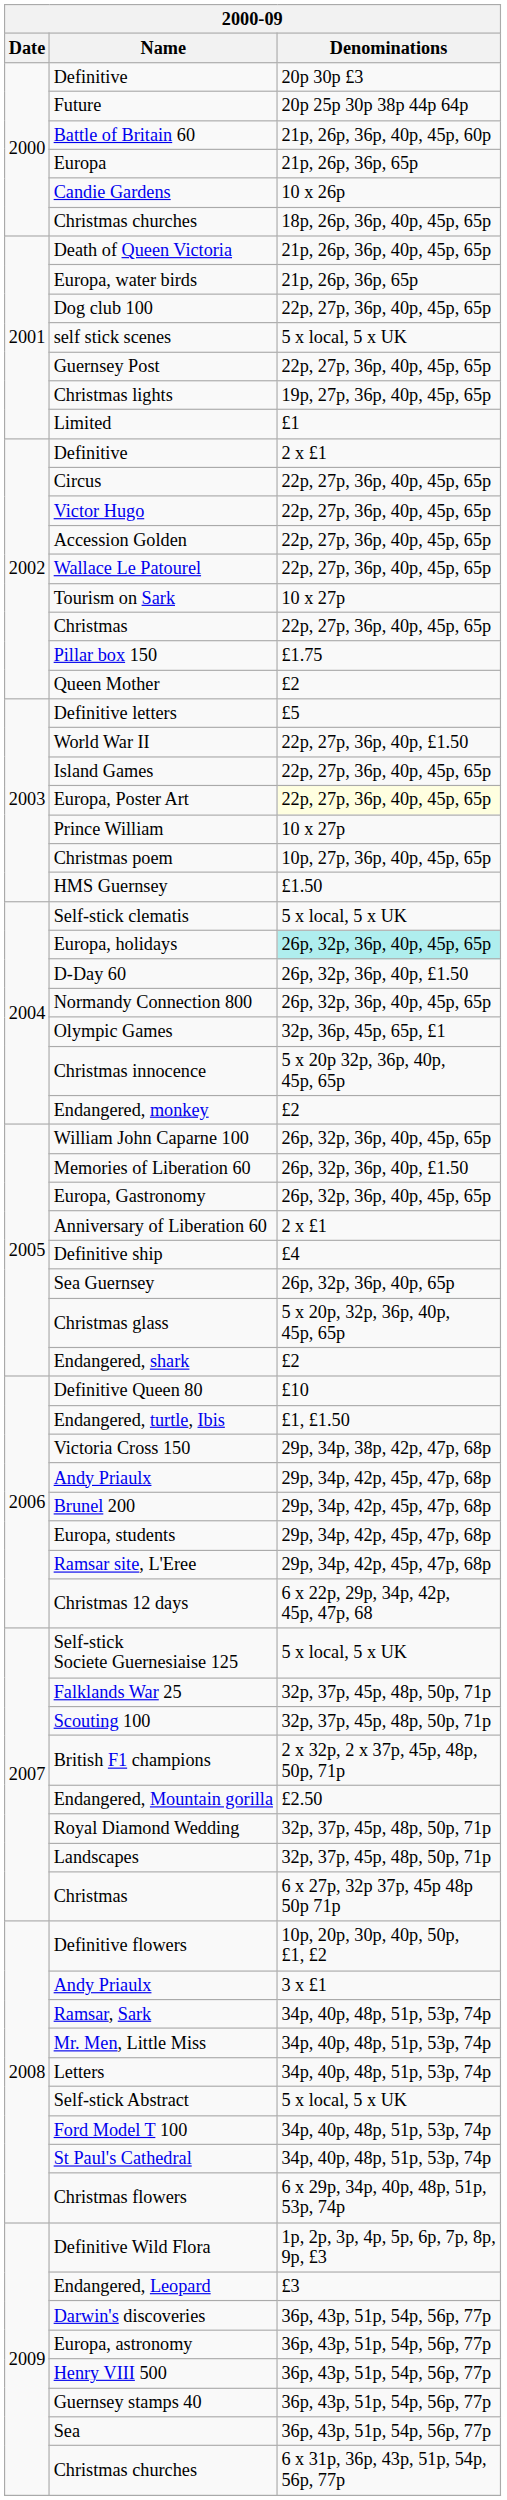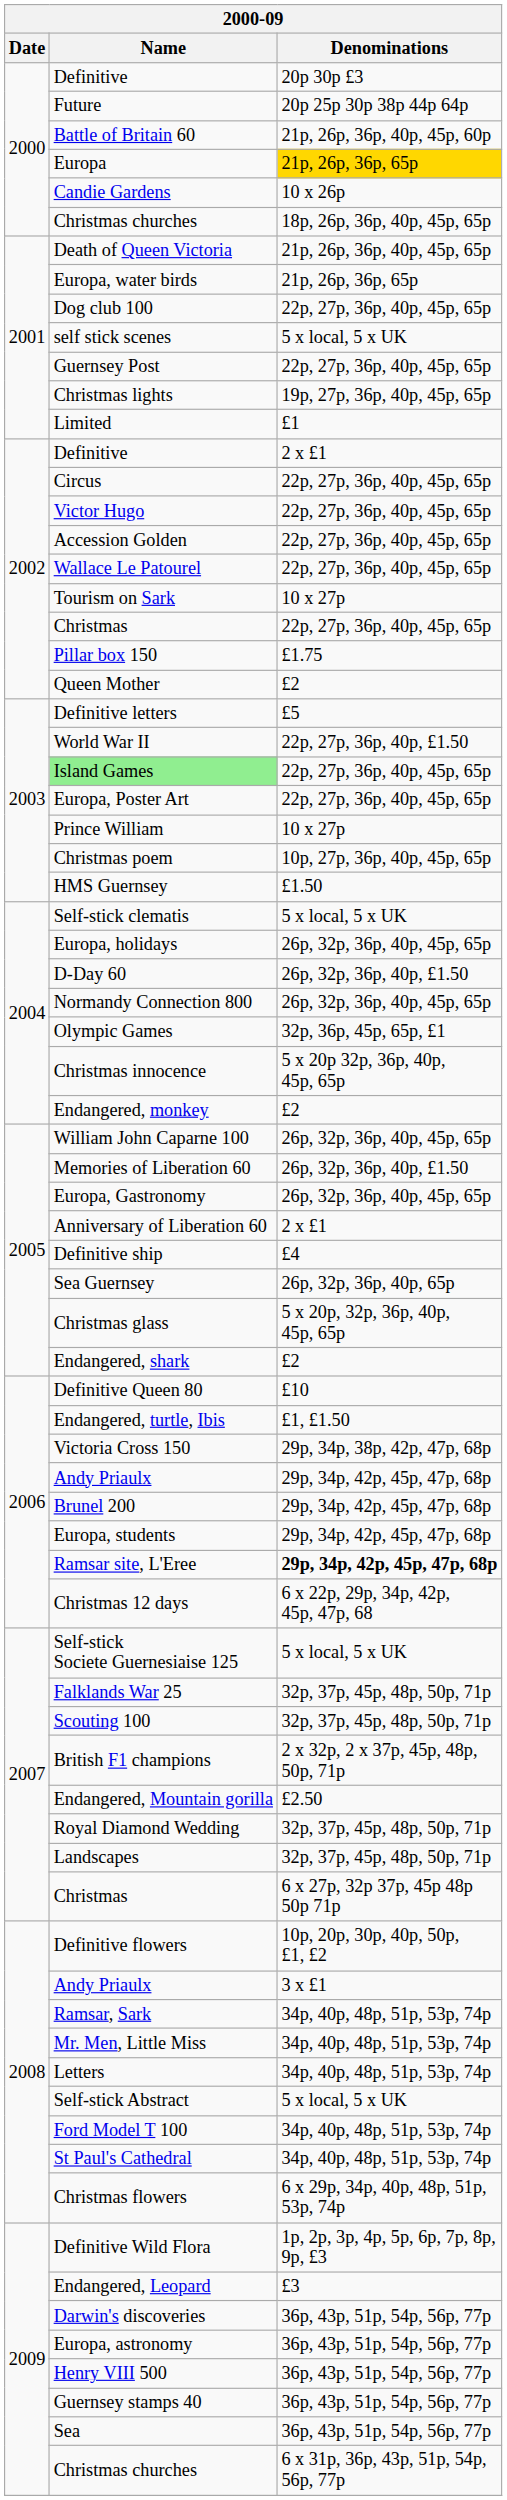 <table class="wikitable">
 <tr>
 <th colspan=3>2000-09</th>
 </tr>
 <tr>
 <th>Date</th>
 <th>Name</th>
 <th>Denominations</th>
 </tr>
 <tr>
 <td rowspan="6">2000</td>
 <td>Definitive</td>
 <td>20p 30p £3</td>
 </tr>
 <tr>
 <td>Future</td>
 <td>20p 25p 30p 38p 44p 64p</td>
 </tr>
 <tr>
 <td><a href='#'>Battle of Britain</a> 60</td>
 <td>21p, 26p, 36p, 40p, 45p, 60p</td>
 </tr>
 <tr>
 <td>Europa</td>
-<td>21p, 26p, 36p, 65p</td>
+<td style="background: gold;">21p, 26p, 36p, 65p</td>
 </tr>
 <tr>
 <td><a href='#'>Candie Gardens</a></td>
 <td>10 x 26p</td>
 </tr>
 <tr>
 <td>Christmas churches</td>
 <td>18p, 26p, 36p, 40p, 45p, 65p</td>
 </tr>
 <tr>
 <td rowspan="7">2001</td>
 <td>Death of <a href='#'>Queen Victoria</a></td>
 <td>21p, 26p, 36p, 40p, 45p, 65p</td>
 </tr>
 <tr>
 <td>Europa, water birds</td>
 <td>21p, 26p, 36p, 65p</td>
 </tr>
 <tr>
 <td>Dog club 100</td>
 <td>22p, 27p, 36p, 40p, 45p, 65p</td>
 </tr>
 <tr>
 <td>self stick scenes</td>
 <td>5 x local, 5 x UK</td>
 </tr>
 <tr>
 <td>Guernsey Post</td>
 <td>22p, 27p, 36p, 40p, 45p, 65p</td>
 </tr>
 <tr>
 <td>Christmas lights</td>
 <td>19p, 27p, 36p, 40p, 45p, 65p</td>
 </tr>
 <tr>
 <td>Limited</td>
 <td>£1</td>
 </tr>
 <tr>
 <td rowspan="9">2002</td>
 <td>Definitive</td>
 <td>2 x £1</td>
 </tr>
 <tr>
 <td>Circus</td>
 <td>22p, 27p, 36p, 40p, 45p, 65p</td>
 </tr>
 <tr>
 <td><a href='#'>Victor Hugo</a></td>
 <td>22p, 27p, 36p, 40p, 45p, 65p</td>
 </tr>
 <tr>
 <td>Accession Golden</td>
 <td>22p, 27p, 36p, 40p, 45p, 65p</td>
 </tr>
 <tr>
 <td><a href='#'>Wallace Le Patourel</a></td>
 <td>22p, 27p, 36p, 40p, 45p, 65p</td>
 </tr>
 <tr>
 <td>Tourism on <a href='#'>Sark</a></td>
 <td>10 x 27p</td>
 </tr>
 <tr>
 <td>Christmas</td>
 <td>22p, 27p, 36p, 40p, 45p, 65p</td>
 </tr>
 <tr>
 <td><a href='#'>Pillar box</a> 150</td>
 <td>£1.75</td>
 </tr>
 <tr>
 <td>Queen Mother</td>
 <td>£2</td>
 </tr>
 <tr>
 <td rowspan="7">2003</td>
 <td>Definitive letters</td>
 <td>£5</td>
 </tr>
 <tr>
 <td>World War II</td>
 <td>22p, 27p, 36p, 40p, £1.50</td>
 </tr>
 <tr>
-<td>Island Games</td>
+<td style="background: lightgreen;">Island Games</td>
 <td>22p, 27p, 36p, 40p, 45p, 65p</td>
 </tr>
 <tr>
 <td>Europa, Poster Art</td>
-<td style="background: lightyellow;">22p, 27p, 36p, 40p, 45p, 65p</td>
+<td>22p, 27p, 36p, 40p, 45p, 65p</td>
 </tr>
 <tr>
 <td>Prince William</td>
 <td>10 x 27p</td>
 </tr>
 <tr>
 <td>Christmas poem</td>
 <td>10p, 27p, 36p, 40p, 45p, 65p</td>
 </tr>
 <tr>
 <td>HMS Guernsey</td>
 <td>£1.50</td>
 </tr>
 <tr>
 <td rowspan="7">2004</td>
 <td>Self-stick clematis</td>
 <td>5 x local, 5 x UK</td>
 </tr>
 <tr>
 <td>Europa, holidays</td>
-<td style="background: paleturquoise;">26p, 32p, 36p, 40p, 45p, 65p</td>
+<td>26p, 32p, 36p, 40p, 45p, 65p</td>
 </tr>
 <tr>
 <td>D-Day 60</td>
 <td>26p, 32p, 36p, 40p, £1.50</td>
 </tr>
 <tr>
 <td>Normandy Connection 800</td>
 <td>26p, 32p, 36p, 40p, 45p, 65p</td>
 </tr>
 <tr>
 <td>Olympic Games</td>
 <td>32p, 36p, 45p, 65p, £1</td>
 </tr>
 <tr>
 <td>Christmas innocence</td>
 <td>5 x 20p 32p, 36p, 40p, <br>45p, 65p</td>
 </tr>
 <tr>
 <td>Endangered, <a href='#'>monkey</a></td>
 <td>£2</td>
 </tr>
 <tr>
 <td rowspan="8">2005</td>
 <td>William John Caparne 100</td>
 <td>26p, 32p, 36p, 40p, 45p, 65p</td>
 </tr>
 <tr>
 <td>Memories of Liberation 60</td>
 <td>26p, 32p, 36p, 40p, £1.50</td>
 </tr>
 <tr>
 <td>Europa, Gastronomy</td>
 <td>26p, 32p, 36p, 40p, 45p, 65p</td>
 </tr>
 <tr>
 <td>Anniversary of Liberation 60</td>
 <td>2 x £1</td>
 </tr>
 <tr>
 <td>Definitive ship</td>
 <td>£4</td>
 </tr>
 <tr>
 <td>Sea Guernsey</td>
 <td>26p, 32p, 36p, 40p, 65p</td>
 </tr>
 <tr>
 <td>Christmas glass</td>
 <td>5 x 20p, 32p, 36p, 40p, <br>45p, 65p</td>
 </tr>
 <tr>
 <td>Endangered, <a href='#'>shark</a></td>
 <td>£2</td>
 </tr>
 <tr>
 <td rowspan="8">2006</td>
 <td>Definitive Queen 80</td>
 <td>£10</td>
 </tr>
 <tr>
 <td>Endangered, <a href='#'>turtle</a>, <a href='#'>Ibis</a></td>
 <td>£1, £1.50</td>
 </tr>
 <tr>
 <td>Victoria Cross 150</td>
 <td>29p, 34p, 38p, 42p, 47p, 68p</td>
 </tr>
 <tr>
 <td><a href='#'>Andy Priaulx</a></td>
 <td>29p, 34p, 42p, 45p, 47p, 68p</td>
 </tr>
 <tr>
 <td><a href='#'>Brunel</a> 200</td>
 <td>29p, 34p, 42p, 45p, 47p, 68p</td>
 </tr>
 <tr>
 <td>Europa, students</td>
 <td>29p, 34p, 42p, 45p, 47p, 68p</td>
 </tr>
 <tr>
 <td><a href='#'>Ramsar site</a>, L'Eree</td>
-<td>29p, 34p, 42p, 45p, 47p, 68p</td>
+<td><strong>29p, 34p, 42p, 45p, 47p, 68p</strong></td>
 </tr>
 <tr>
 <td>Christmas 12 days</td>
 <td>6 x 22p, 29p, 34p, 42p, <br>45p, 47p, 68</td>
 </tr>
 <tr>
 <td rowspan="8">2007</td>
 <td>Self-stick <br>Societe Guernesiaise 125</td>
 <td>5 x local, 5 x UK</td>
 </tr>
 <tr>
 <td><a href='#'>Falklands War</a> 25</td>
 <td>32p, 37p, 45p, 48p, 50p, 71p</td>
 </tr>
 <tr>
 <td><a href='#'>Scouting</a> 100</td>
 <td>32p, 37p, 45p, 48p, 50p, 71p</td>
 </tr>
 <tr>
 <td>British <a href='#'>F1</a> champions</td>
 <td>2 x 32p, 2 x 37p, 45p, 48p, <br> 50p, 71p</td>
 </tr>
 <tr>
 <td>Endangered, <a href='#'>Mountain gorilla</a></td>
 <td>£2.50</td>
 </tr>
 <tr>
 <td>Royal Diamond Wedding</td>
 <td>32p, 37p, 45p, 48p, 50p, 71p</td>
 </tr>
 <tr>
 <td>Landscapes</td>
 <td>32p, 37p, 45p, 48p, 50p, 71p</td>
 </tr>
 <tr>
 <td>Christmas</td>
 <td>6 x 27p, 32p 37p, 45p 48p <br>50p 71p</td>
 </tr>
 <tr>
 <td rowspan="9">2008</td>
 <td>Definitive flowers</td>
 <td>10p, 20p, 30p, 40p, 50p, <br>£1, £2</td>
 </tr>
 <tr>
 <td><a href='#'>Andy Priaulx</a></td>
 <td>3 x £1</td>
 </tr>
 <tr>
 <td><a href='#'>Ramsar</a>, <a href='#'>Sark</a></td>
 <td>34p, 40p, 48p, 51p, 53p, 74p</td>
 </tr>
 <tr>
 <td><a href='#'>Mr. Men</a>, Little Miss</td>
 <td>34p, 40p, 48p, 51p, 53p, 74p</td>
 </tr>
 <tr>
 <td>Letters</td>
 <td>34p, 40p, 48p, 51p, 53p, 74p</td>
 </tr>
 <tr>
 <td>Self-stick Abstract</td>
 <td>5 x local, 5 x UK</td>
 </tr>
 <tr>
 <td><a href='#'>Ford Model T</a> 100</td>
 <td>34p, 40p, 48p, 51p, 53p, 74p</td>
 </tr>
 <tr>
 <td><a href='#'>St Paul's Cathedral</a></td>
 <td>34p, 40p, 48p, 51p, 53p, 74p</td>
 </tr>
 <tr>
 <td>Christmas flowers</td>
 <td>6 x 29p, 34p, 40p, 48p, 51p, <br>53p, 74p</td>
 </tr>
 <tr>
 <td rowspan="8">2009</td>
 <td>Definitive Wild Flora</td>
 <td>1p, 2p, 3p, 4p, 5p, 6p, 7p, 8p, <br>9p, £3</td>
 </tr>
 <tr>
 <td>Endangered, <a href='#'>Leopard</a></td>
 <td>£3</td>
 </tr>
 <tr>
 <td><a href='#'>Darwin's</a> discoveries</td>
 <td>36p, 43p, 51p, 54p, 56p, 77p</td>
 </tr>
 <tr>
 <td>Europa, astronomy</td>
 <td>36p, 43p, 51p, 54p, 56p, 77p</td>
 </tr>
 <tr>
 <td><a href='#'>Henry VIII</a> 500</td>
 <td>36p, 43p, 51p, 54p, 56p, 77p</td>
 </tr>
 <tr>
 <td>Guernsey stamps 40</td>
 <td>36p, 43p, 51p, 54p, 56p, 77p</td>
 </tr>
 <tr>
 <td>Sea</td>
 <td>36p, 43p, 51p, 54p, 56p, 77p</td>
 </tr>
 <tr>
 <td>Christmas churches</td>
 <td>6 x 31p, 36p, 43p, 51p, 54p, <br>56p, 77p</td>
 </tr>
 <tr>
 </tr>
 </table>
